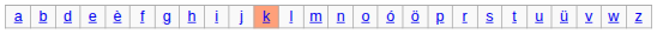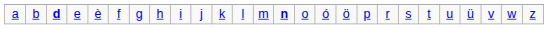 <table class="wikitable" style="margin:1em auto; border-collapse:collapse; text-align:center">
 <tr>
 </tr>
 <tr>
 <td width=3%><a href='#'>a</a></td>
 <td width=3%><a href='#'>b</a></td>
-<td width=3%><a href='#'>d</a></td>
+<td width=3%><strong><a href='#'>d</a></strong></td>
 <td width=3%><a href='#'>e</a></td>
 <td width=3%><a href='#'>è</a></td>
 <td width=3%><a href='#'>f</a></td>
 <td width=3%><a href='#'>g</a></td>
 <td width=3%><a href='#'>h</a></td>
 <td width=3%><a href='#'>i</a></td>
 <td width=3%><a href='#'>j</a></td>
-<td width=3% style="background: lightsalmon;"><a href='#'>k</a></td>
+<td width=3%><a href='#'>k</a></td>
 <td width=3%><a href='#'>l</a></td>
 <td width=3%><a href='#'>m</a></td>
-<td width=3%><a href='#'>n</a></td>
+<td width=3%><strong><a href='#'>n</a></strong></td>
 <td width=3%><a href='#'>o</a></td>
 <td width=3%><a href='#'>ó</a></td>
 <td width=3%><a href='#'>ö</a></td>
 <td width=3%><a href='#'>p</a></td>
 <td width=3%><a href='#'>r</a></td>
 <td width=3%><a href='#'>s</a></td>
 <td width=3%><a href='#'>t</a></td>
 <td width=3%><a href='#'>u</a></td>
 <td width=3%><a href='#'>ü</a></td>
 <td width=3%><a href='#'>v</a></td>
 <td width=3%><a href='#'>w</a></td>
 <td width=3%><a href='#'>z</a></td>
 </tr>
 </table>
